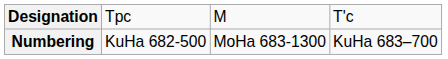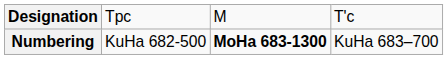 <table class="wikitable">
 <tr>
 <th>Designation</th>
 <td>Tpc</td>
 <td>M</td>
 <td>T'c</td>
 </tr>
 <tr>
 <th>Numbering</th>
 <td>KuHa 682-500</td>
-<td>MoHa 683-1300</td>
+<td><strong>MoHa 683-1300</strong></td>
 <td>KuHa 683–700</td>
 </tr>
 </table>
